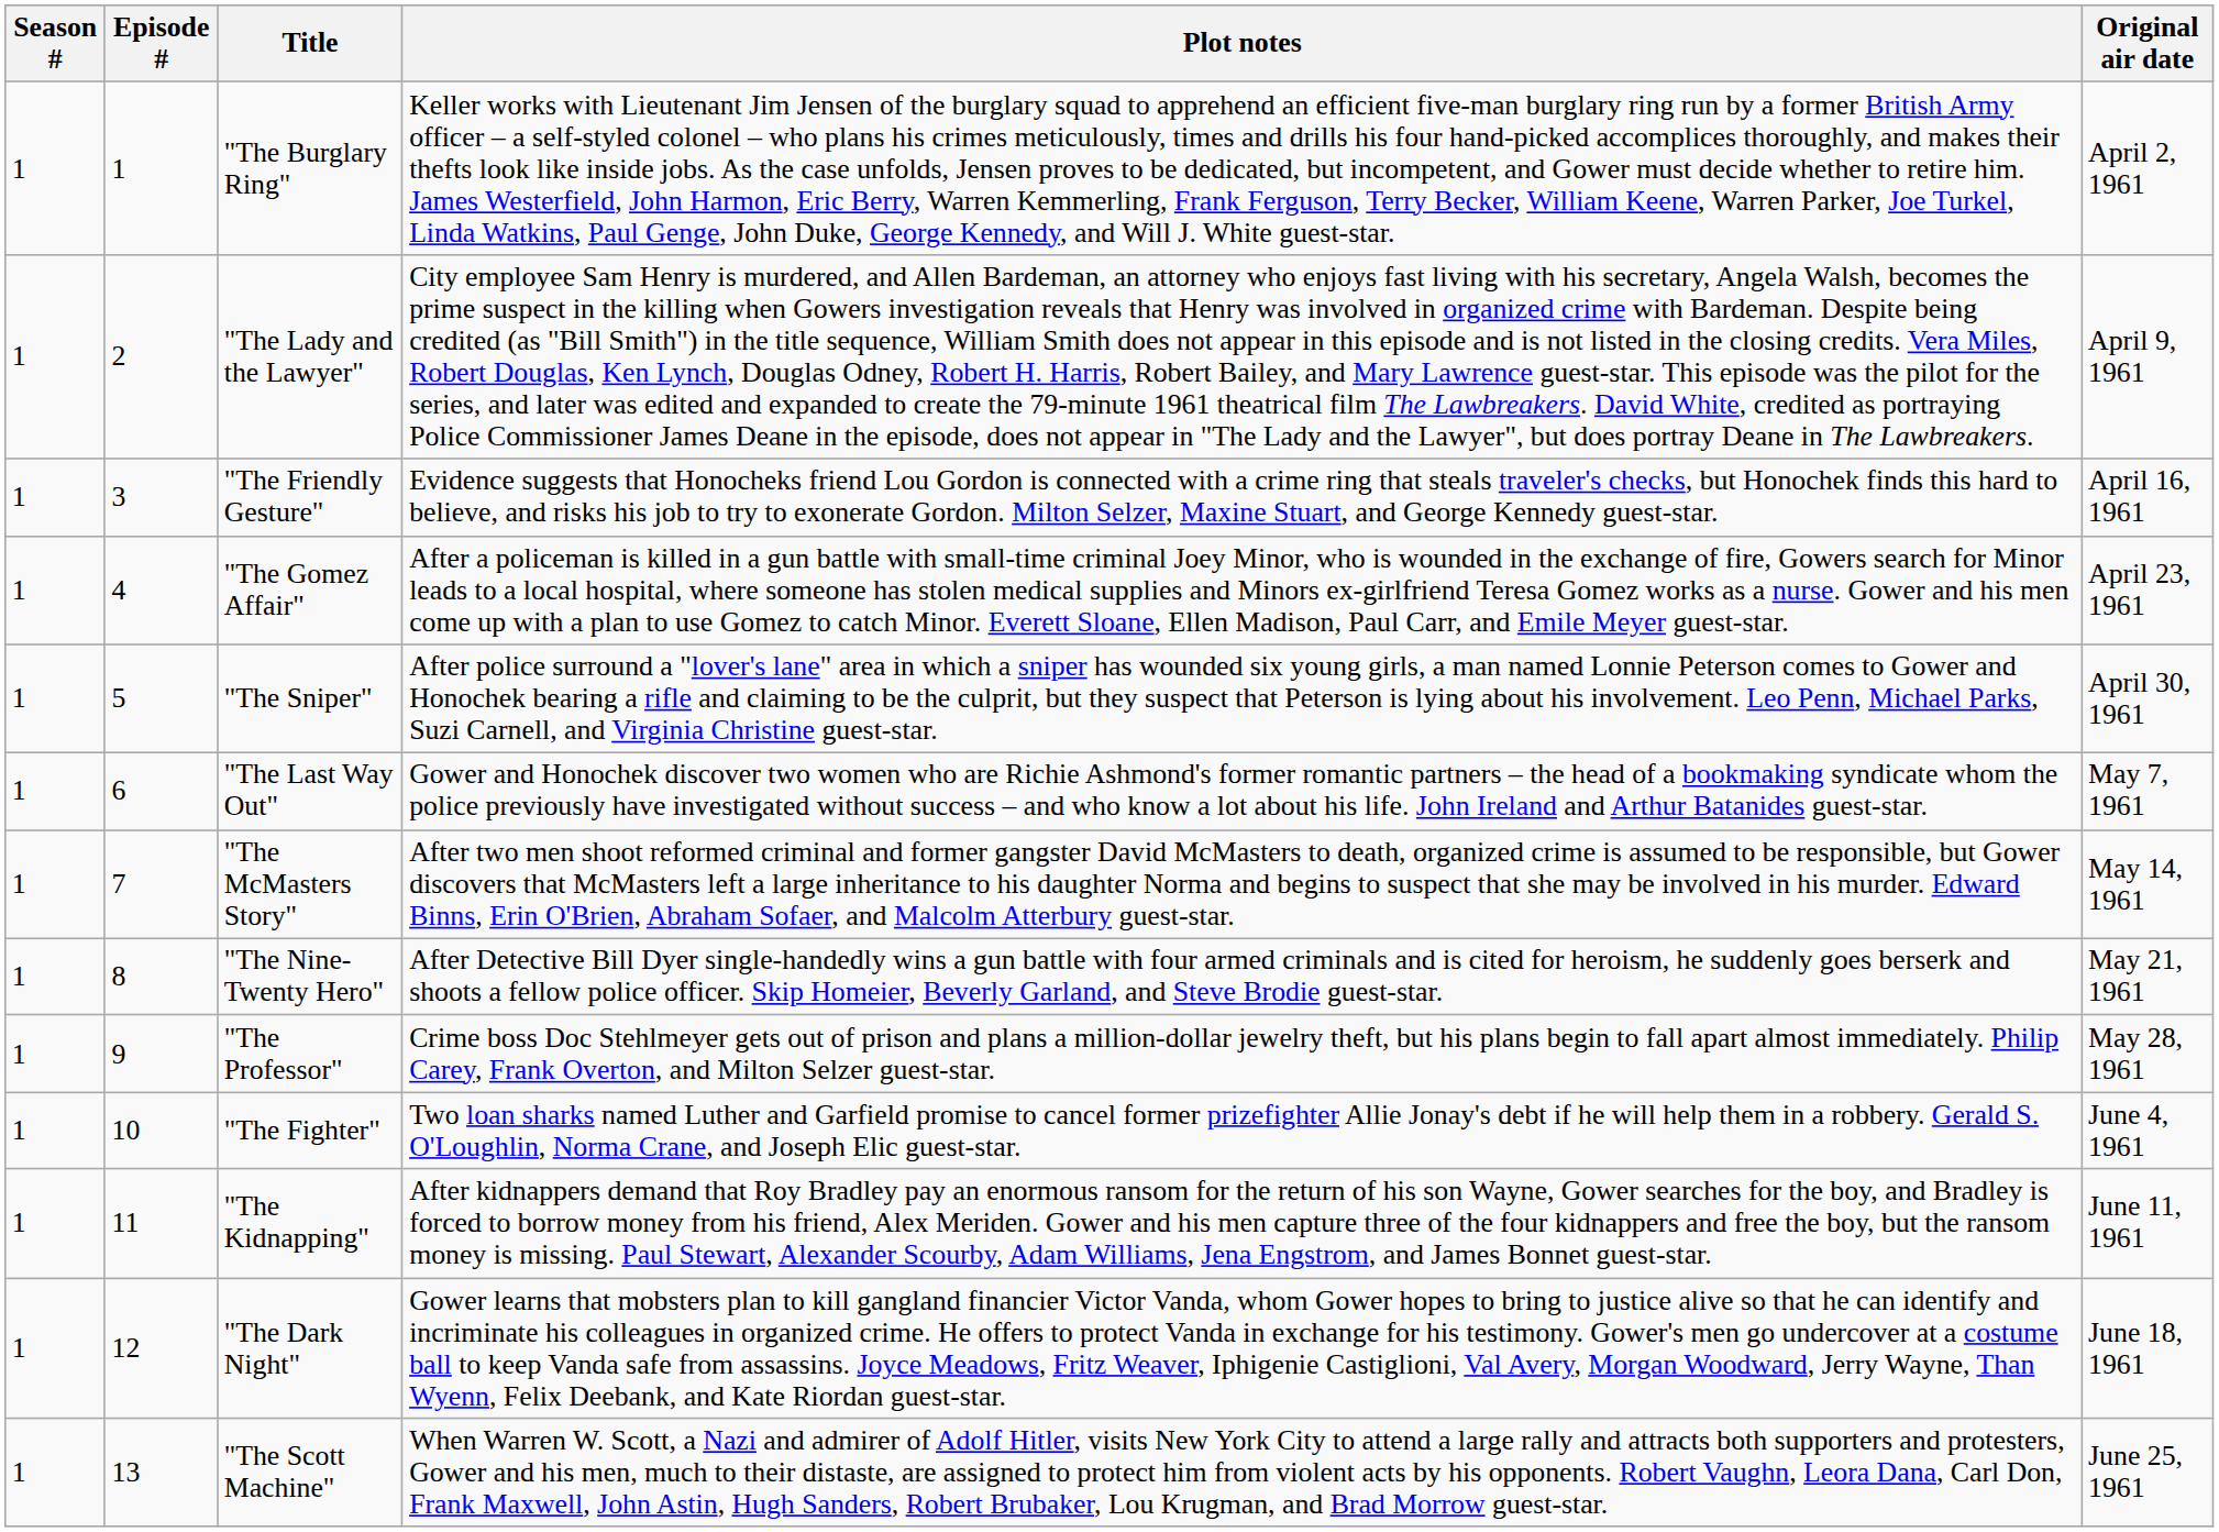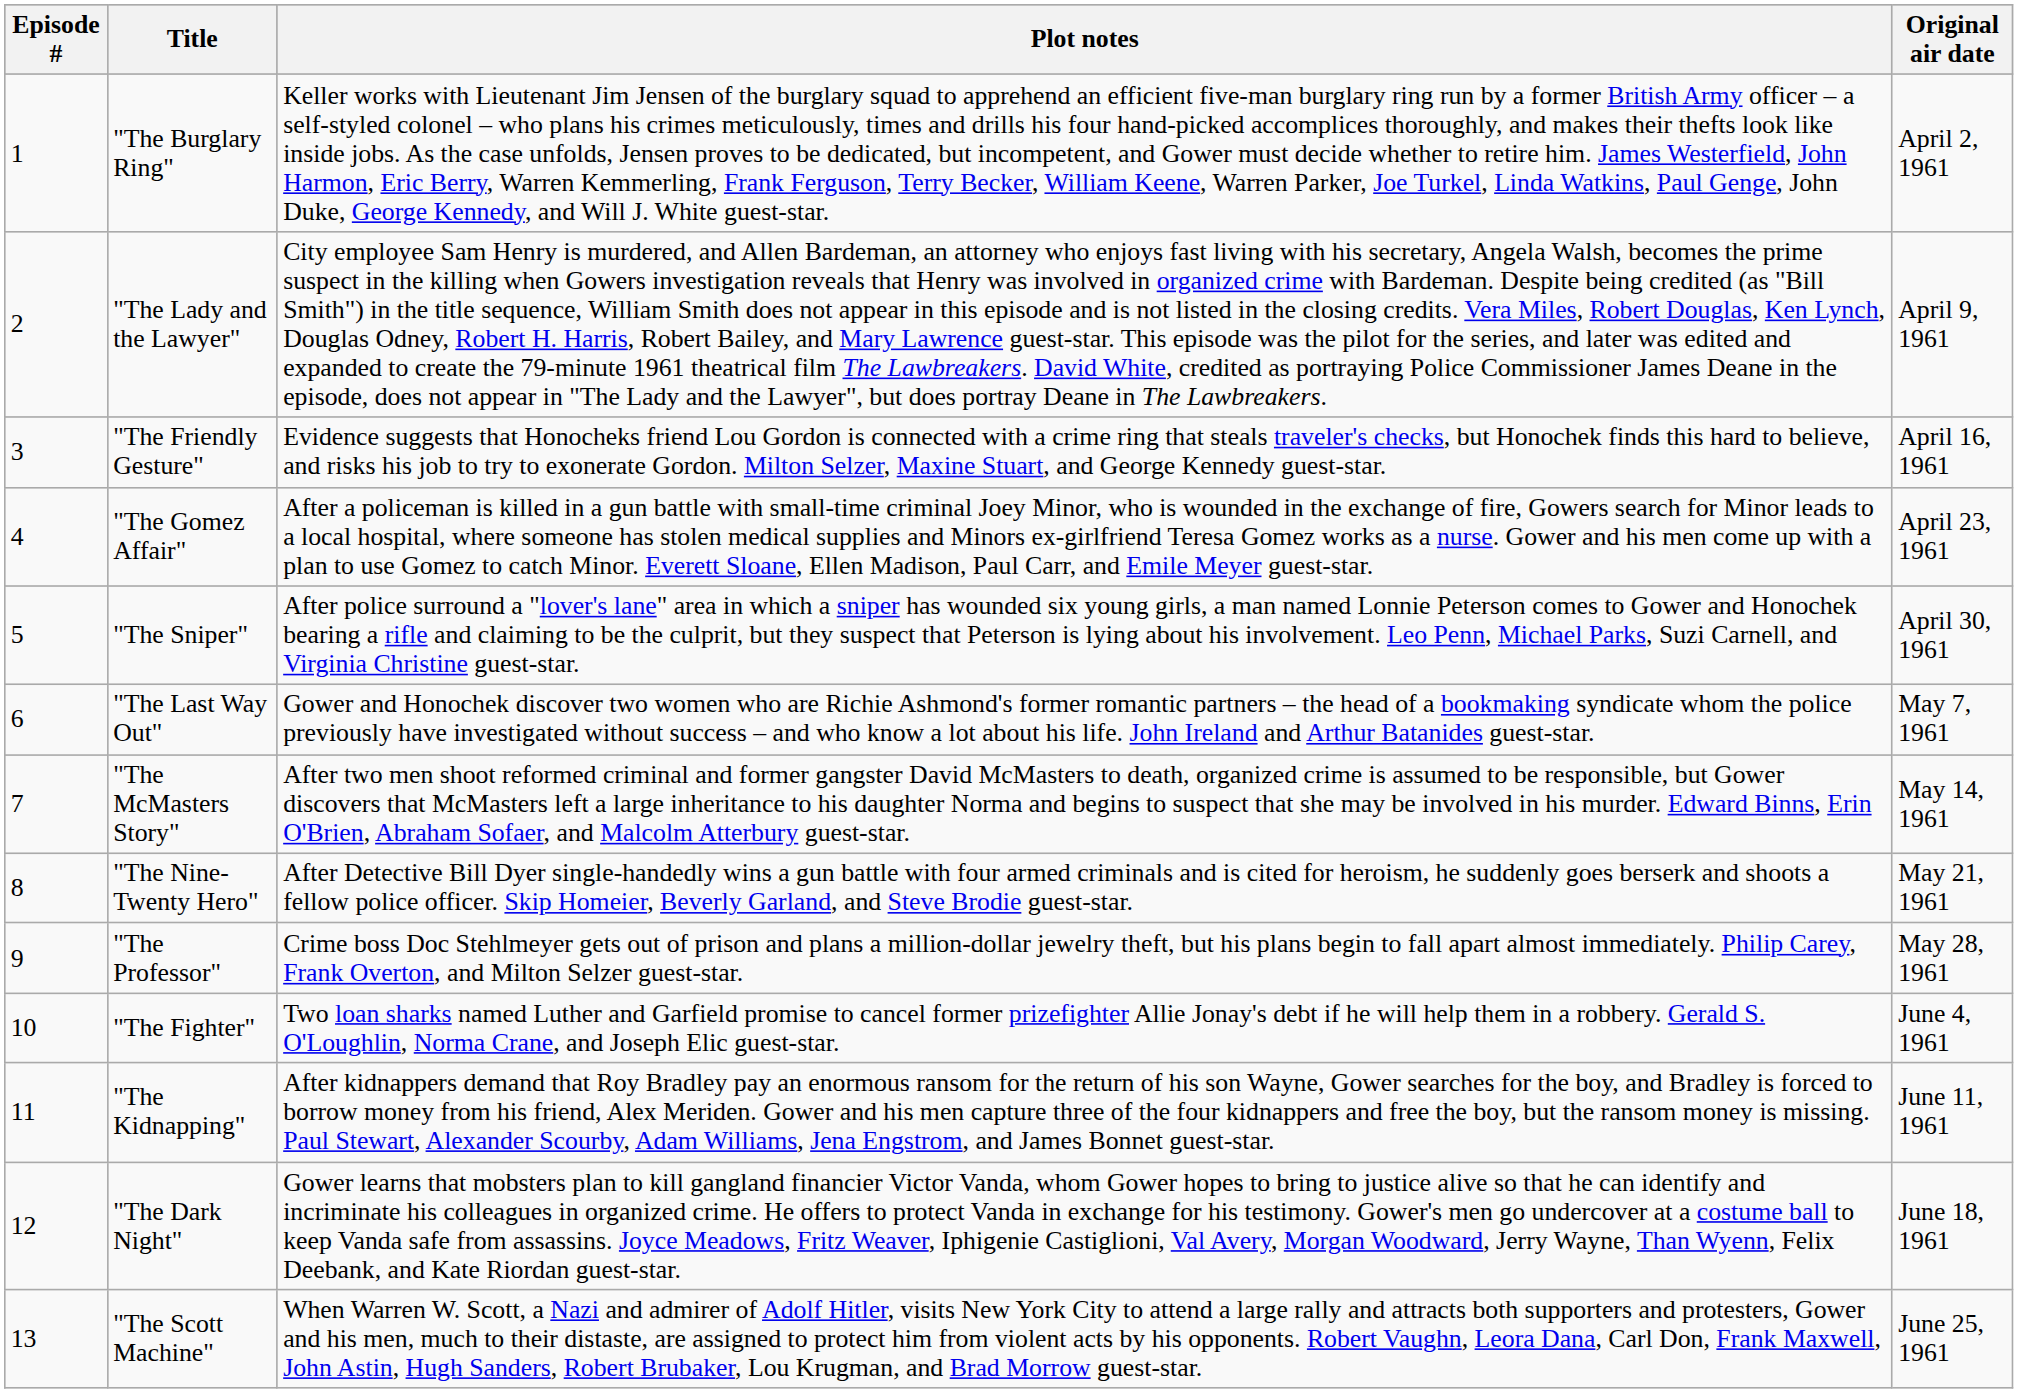 <table class="wikitable">
 <tr bgcolor="#CCCCCC">
-<th>Season #</th>
 <th>Episode #</th>
 <th>Title</th>
 <th>Plot notes</th>
 <th>Original air date</th>
 </tr>
 <tr>
 <td>1</td>
-<td>1</td>
 <td>"The Burglary Ring"</td>
 <td>Keller works with Lieutenant Jim Jensen of the burglary squad to apprehend an efficient five-man burglary ring run by a former <a href='#'>British Army</a> officer – a self-styled colonel – who plans his crimes meticulously, times and drills his four hand-picked accomplices thoroughly, and makes their thefts look like inside jobs. As the case unfolds, Jensen proves to be dedicated, but incompetent, and Gower must decide whether to retire him. <a href='#'>James Westerfield</a>, <a href='#'>John Harmon</a>, <a href='#'>Eric Berry</a>, Warren Kemmerling, <a href='#'>Frank Ferguson</a>, <a href='#'>Terry Becker</a>, <a href='#'>William Keene</a>, Warren Parker, <a href='#'>Joe Turkel</a>, <a href='#'>Linda Watkins</a>, <a href='#'>Paul Genge</a>, John Duke, <a href='#'>George Kennedy</a>, and Will J. White guest-star.</td>
 <td>April 2, 1961</td>
 </tr>
 <tr>
-<td>1</td>
 <td>2</td>
 <td>"The Lady and the Lawyer"</td>
 <td>City employee Sam Henry is murdered, and Allen Bardeman, an attorney who enjoys fast living with his secretary, Angela Walsh, becomes the prime suspect in the killing when Gowers investigation reveals that Henry was involved in <a href='#'>organized crime</a> with Bardeman. Despite being credited (as "Bill Smith") in the title sequence, William Smith does not appear in this episode and is not listed in the closing credits. <a href='#'>Vera Miles</a>, <a href='#'>Robert Douglas</a>, <a href='#'>Ken Lynch</a>, Douglas Odney, <a href='#'>Robert H. Harris</a>, Robert Bailey, and <a href='#'>Mary Lawrence</a> guest-star. This episode was the pilot for the series, and later was edited and expanded to create the 79-minute 1961 theatrical film <em><a href='#'>The Lawbreakers</a></em>. <a href='#'>David White</a>, credited as portraying Police Commissioner James Deane in the episode, does not appear in "The Lady and the Lawyer", but does portray Deane in <em>The Lawbreakers</em>.</td>
 <td>April 9, 1961</td>
 </tr>
 <tr>
-<td>1</td>
 <td>3</td>
 <td>"The Friendly Gesture"</td>
 <td>Evidence suggests that Honocheks friend Lou Gordon is connected with a crime ring that steals <a href='#'>traveler's checks</a>, but Honochek finds this hard to believe, and risks his job to try to exonerate Gordon. <a href='#'>Milton Selzer</a>, <a href='#'>Maxine Stuart</a>, and George Kennedy guest-star.</td>
 <td>April 16, 1961</td>
 </tr>
 <tr>
-<td>1</td>
 <td>4</td>
 <td>"The Gomez Affair"</td>
 <td>After a policeman is killed in a gun battle with small-time criminal Joey Minor, who is wounded in the exchange of fire, Gowers search for Minor leads to a local hospital, where someone has stolen medical supplies and Minors ex-girlfriend Teresa Gomez works as a <a href='#'>nurse</a>. Gower and his men come up with a plan to use Gomez to catch Minor. <a href='#'>Everett Sloane</a>, Ellen Madison, Paul Carr, and <a href='#'>Emile Meyer</a> guest-star.</td>
 <td>April 23, 1961</td>
 </tr>
 <tr>
-<td>1</td>
 <td>5</td>
 <td>"The Sniper"</td>
 <td>After police surround a "<a href='#'>lover's lane</a>" area in which a <a href='#'>sniper</a> has wounded six young girls, a man named Lonnie Peterson comes to Gower and Honochek bearing a <a href='#'>rifle</a> and claiming to be the culprit, but they suspect that Peterson is lying about his involvement. <a href='#'>Leo Penn</a>, <a href='#'>Michael Parks</a>, Suzi Carnell, and <a href='#'>Virginia Christine</a> guest-star.</td>
 <td>April 30, 1961</td>
 </tr>
 <tr>
-<td>1</td>
 <td>6</td>
 <td>"The Last Way Out"</td>
 <td>Gower and Honochek discover two women who are Richie Ashmond's former romantic partners – the head of a <a href='#'>bookmaking</a> syndicate whom the police previously have investigated without success – and who know a lot about his life. <a href='#'>John Ireland</a> and <a href='#'>Arthur Batanides</a> guest-star.</td>
 <td>May 7, 1961</td>
 </tr>
 <tr>
-<td>1</td>
 <td>7</td>
 <td>"The McMasters Story"</td>
 <td>After two men shoot reformed criminal and former gangster David McMasters to death,  organized crime is assumed to be responsible, but Gower discovers that McMasters left a large inheritance to his daughter Norma and begins to suspect that she may be involved in his murder. <a href='#'>Edward Binns</a>, <a href='#'>Erin O'Brien</a>, <a href='#'>Abraham Sofaer</a>, and <a href='#'>Malcolm Atterbury</a> guest-star.</td>
 <td>May 14, 1961</td>
 </tr>
 <tr>
-<td>1</td>
 <td>8</td>
 <td>"The Nine-Twenty Hero"</td>
 <td>After Detective Bill Dyer single-handedly wins a gun battle with four armed criminals and is cited for heroism, he suddenly goes berserk and shoots a fellow police officer. <a href='#'>Skip Homeier</a>, <a href='#'>Beverly Garland</a>, and <a href='#'>Steve Brodie</a> guest-star.</td>
 <td>May 21, 1961</td>
 </tr>
 <tr>
-<td>1</td>
 <td>9</td>
 <td>"The Professor"</td>
 <td>Crime boss Doc Stehlmeyer gets out of prison and plans a million-dollar jewelry theft, but his plans begin to fall apart almost immediately. <a href='#'>Philip Carey</a>, <a href='#'>Frank Overton</a>, and Milton Selzer guest-star.</td>
 <td>May 28, 1961</td>
 </tr>
 <tr>
-<td>1</td>
 <td>10</td>
 <td>"The Fighter"</td>
 <td>Two <a href='#'>loan sharks</a> named Luther and Garfield promise to cancel former <a href='#'>prizefighter</a> Allie Jonay's debt if he will help them in a robbery. <a href='#'>Gerald S. O'Loughlin</a>, <a href='#'>Norma Crane</a>, and Joseph Elic guest-star.</td>
 <td>June 4, 1961</td>
 </tr>
 <tr>
-<td>1</td>
 <td>11</td>
 <td>"The Kidnapping"</td>
 <td>After kidnappers demand that Roy Bradley pay an enormous ransom for the return of his son Wayne, Gower searches for the boy, and Bradley is forced to borrow money from his friend, Alex Meriden. Gower and his men capture three of the four kidnappers and free the boy, but the ransom money is missing. <a href='#'>Paul Stewart</a>, <a href='#'>Alexander Scourby</a>, <a href='#'>Adam Williams</a>, <a href='#'>Jena Engstrom</a>, and James Bonnet guest-star.</td>
 <td>June 11, 1961</td>
 </tr>
 <tr>
-<td>1</td>
 <td>12</td>
 <td>"The Dark Night"</td>
 <td>Gower learns that mobsters plan to kill gangland financier Victor Vanda, whom Gower hopes to bring to justice alive so that he can identify and incriminate his colleagues in organized crime. He offers to protect Vanda in exchange for his testimony. Gower's men go undercover at a <a href='#'>costume ball</a> to keep Vanda safe from assassins. <a href='#'>Joyce Meadows</a>, <a href='#'>Fritz Weaver</a>, Iphigenie Castiglioni, <a href='#'>Val Avery</a>, <a href='#'>Morgan Woodward</a>, Jerry Wayne, <a href='#'>Than Wyenn</a>, Felix Deebank, and Kate Riordan guest-star.</td>
 <td>June 18, 1961</td>
 </tr>
 <tr>
-<td>1</td>
 <td>13</td>
 <td>"The Scott Machine"</td>
 <td>When Warren W. Scott, a <a href='#'>Nazi</a> and admirer of <a href='#'>Adolf Hitler</a>, visits New York City to attend a large rally and attracts both supporters and protesters, Gower and his men, much to their distaste, are assigned to protect him from violent acts by his opponents. <a href='#'>Robert Vaughn</a>, <a href='#'>Leora Dana</a>, Carl Don, <a href='#'>Frank Maxwell</a>, <a href='#'>John Astin</a>, <a href='#'>Hugh Sanders</a>, <a href='#'>Robert Brubaker</a>, Lou Krugman, and <a href='#'>Brad Morrow</a> guest-star.</td>
 <td>June 25, 1961</td>
 </tr>
 </table>
